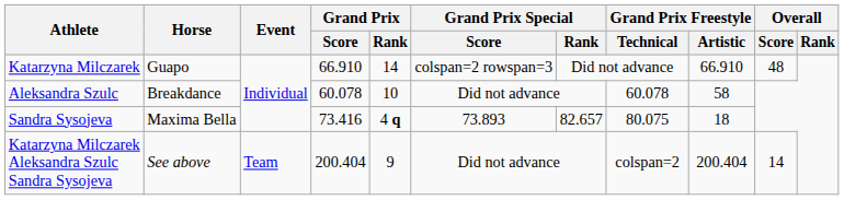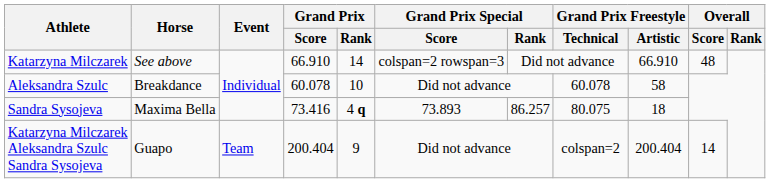 <table class=wikitable style="font-size:90%; text-align:center;">
 <tr>
 <th rowspan=2>Athlete</th>
 <th rowspan=2>Horse</th>
 <th rowspan=2>Event</th>
 <th colspan=2>Grand Prix</th>
 <th colspan=2>Grand Prix Special</th>
 <th colspan=2>Grand Prix Freestyle</th>
 <th colspan=2>Overall</th>
 </tr>
 <tr style=font-size:95%>
 <th>Score</th>
 <th>Rank</th>
 <th>Score</th>
 <th>Rank</th>
 <th>Technical</th>
 <th>Artistic</th>
 <th>Score</th>
 <th>Rank</th>
 </tr>
 <tr>
 <td align=left><a href='#'>Katarzyna Milczarek</a></td>
-<td align=left>Guapo</td>
+<td align=left><em>See above</em></td>
 <td rowspan=3 align=left><a href='#'>Individual</a></td>
 <td>66.910</td>
 <td>14</td>
 <td>colspan=2 rowspan=3 </td>
 <td colspan=2>Did not advance</td>
 <td>66.910</td>
 <td>48</td>
 </tr>
 <tr>
 <td align=left><a href='#'>Aleksandra Szulc</a></td>
 <td align=left>Breakdance</td>
 <td>60.078</td>
 <td>10</td>
 <td colspan=2>Did not advance</td>
 <td>60.078</td>
 <td>58</td>
 </tr>
 <tr>
 <td align=left><a href='#'>Sandra Sysojeva</a></td>
 <td align=left>Maxima Bella</td>
 <td>73.416</td>
 <td>4 <strong>q</strong></td>
 <td>73.893</td>
-<td>82.657</td>
+<td>86.257</td>
 <td>80.075</td>
 <td>18</td>
 </tr>
 <tr>
 <td align=left><a href='#'>Katarzyna Milczarek</a><br><a href='#'>Aleksandra Szulc</a><br><a href='#'>Sandra Sysojeva</a></td>
-<td align=left><em>See above</em></td>
+<td align=left>Guapo</td>
 <td align=left><a href='#'>Team</a></td>
 <td>200.404</td>
 <td>9</td>
 <td colspan=2>Did not advance</td>
 <td>colspan=2 </td>
 <td>200.404</td>
 <td>14</td>
 </tr>
 </table>
